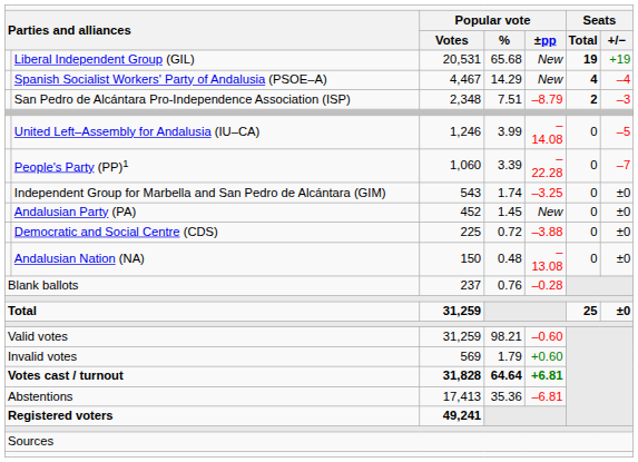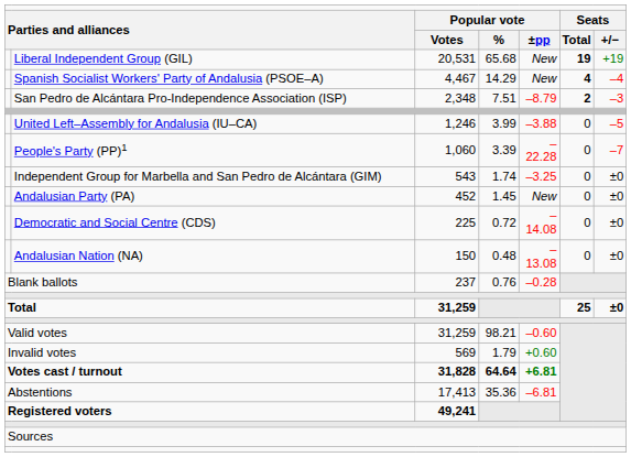 <table class="wikitable" style="text-align:right;">
 <tr>
 <td colspan="7"></td>
 </tr>
 <tr>
 <th style="text-align:left;" rowspan="2" colspan="2" width="525">Parties and alliances</th>
 <th colspan="3">Popular vote</th>
 <th colspan="2">Seats</th>
 </tr>
 <tr>
 <th width="75">Votes</th>
 <th width="45">%</th>
 <th width="45">±<a href='#'>pp</a></th>
 <th width="35">Total</th>
 <th width="35">+/−</th>
 </tr>
 <tr>
 <td width="1" style="color:inherit;background:"></td>
 <td align="left"><a href='#'>Liberal Independent Group</a> (GIL)</td>
 <td>20,531</td>
 <td>65.68</td>
 <td><em>New</em></td>
 <td><strong>19</strong></td>
 <td style="color:green;">+19</td>
 </tr>
 <tr>
 <td style="color:inherit;background:"></td>
 <td align="left"><a href='#'>Spanish Socialist Workers' Party of Andalusia</a> (PSOE–A)</td>
 <td>4,467</td>
 <td>14.29</td>
 <td><em>New</em></td>
 <td><strong>4</strong></td>
 <td style="color:red;">–4</td>
 </tr>
 <tr>
 <td style="color:inherit;background:"></td>
 <td align="left">San Pedro de Alcántara Pro-Independence Association (ISP)</td>
 <td>2,348</td>
 <td>7.51</td>
 <td style="color:red;">–8.79</td>
 <td><strong>2</strong></td>
 <td style="color:red;">–3</td>
 </tr>
 <tr>
 <td colspan="7" bgcolor="#C0C0C0"></td>
 </tr>
 <tr>
 <td style="color:inherit;background:"></td>
 <td align="left"><a href='#'>United Left–Assembly for Andalusia</a> (IU–CA)</td>
 <td>1,246</td>
 <td>3.99</td>
-<td style="color:red;">–14.08</td>
+<td style="color:red;">–3.88</td>
 <td>0</td>
 <td style="color:red;">–5</td>
 </tr>
 <tr>
 <td style="color:inherit;background:"></td>
 <td align="left"><a href='#'>People's Party</a> (PP)<sup>1</sup></td>
 <td>1,060</td>
 <td>3.39</td>
 <td style="color:red;">–22.28</td>
 <td>0</td>
 <td style="color:red;">–7</td>
 </tr>
 <tr>
 <td style="color:inherit;background:"></td>
 <td align="left">Independent Group for Marbella and San Pedro de Alcántara (GIM)</td>
 <td>543</td>
 <td>1.74</td>
 <td style="color:red;">–3.25</td>
 <td>0</td>
 <td>±0</td>
 </tr>
 <tr>
 <td style="color:inherit;background:"></td>
 <td align="left"><a href='#'>Andalusian Party</a> (PA)</td>
 <td>452</td>
 <td>1.45</td>
 <td><em>New</em></td>
 <td>0</td>
 <td>±0</td>
 </tr>
 <tr>
 <td style="color:inherit;background:"></td>
 <td align="left"><a href='#'>Democratic and Social Centre</a> (CDS)</td>
 <td>225</td>
 <td>0.72</td>
-<td style="color:red;">–3.88</td>
+<td style="color:red;">–14.08</td>
 <td>0</td>
 <td>±0</td>
 </tr>
 <tr>
 <td style="color:inherit;background:"></td>
 <td align="left"><a href='#'>Andalusian Nation</a> (NA)</td>
 <td>150</td>
 <td>0.48</td>
 <td style="color:red;">–13.08</td>
 <td>0</td>
 <td>±0</td>
 </tr>
 <tr>
 <td align="left" colspan="2">Blank ballots</td>
 <td>237</td>
 <td>0.76</td>
 <td style="color:red;">–0.28</td>
 <td bgcolor="#E9E9E9" colspan="2"></td>
 </tr>
 <tr>
 <td colspan="7" bgcolor="#E9E9E9"></td>
 </tr>
 <tr style="font-weight:bold;">
 <td align="left" colspan="2">Total</td>
 <td>31,259</td>
 <td bgcolor="#E9E9E9" colspan="2"></td>
 <td>25</td>
 <td>±0</td>
 </tr>
 <tr>
 <td colspan="7" bgcolor="#E9E9E9"></td>
 </tr>
 <tr>
 <td align="left" colspan="2">Valid votes</td>
 <td>31,259</td>
 <td>98.21</td>
 <td style="color:red;">–0.60</td>
 <td bgcolor="#E9E9E9" colspan="2" rowspan="5"></td>
 </tr>
 <tr>
 <td align="left" colspan="2">Invalid votes</td>
 <td>569</td>
 <td>1.79</td>
 <td style="color:green;">+0.60</td>
 </tr>
 <tr style="font-weight:bold;">
 <td align="left" colspan="2">Votes cast / turnout</td>
 <td>31,828</td>
 <td>64.64</td>
 <td style="color:green;">+6.81</td>
 </tr>
 <tr>
 <td align="left" colspan="2">Abstentions</td>
 <td>17,413</td>
 <td>35.36</td>
 <td style="color:red;">–6.81</td>
 </tr>
 <tr style="font-weight:bold;">
 <td align="left" colspan="2">Registered voters</td>
 <td>49,241</td>
 <td bgcolor="#E9E9E9" colspan="2"></td>
 </tr>
 <tr>
 <td colspan="7" bgcolor="#E9E9E9"></td>
 </tr>
 <tr>
 <td align="left" colspan="7">Sources</td>
 </tr>
 <tr>
 <td colspan="7" style="text-align:left; max-width:790px;"></td>
 </tr>
 </table>
